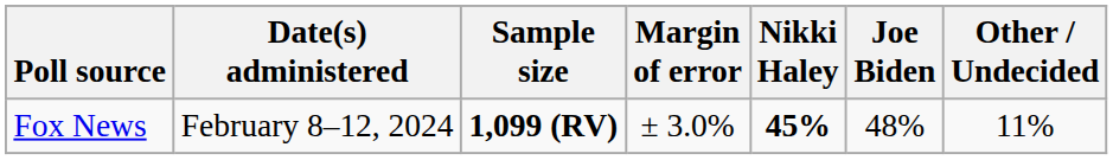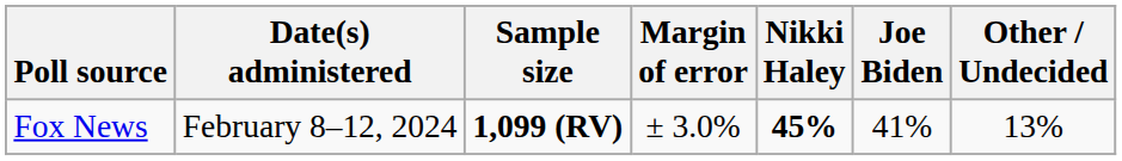 <table class="wikitable sortable mw-datatable" style="font-size:90%;text-align:center;line-height:17px">
 <tr valign=bottom>
 <th>Poll source</th>
 <th>Date(s)<br>administered</th>
 <th>Sample<br>size</th>
 <th>Margin<br>of error</th>
 <th class="unsortable">Nikki<br>Haley<br></th>
 <th class="unsortable">Joe<br>Biden<br></th>
 <th class="unsortable">Other /<br>Undecided</th>
 </tr>
 <tr>
 <td style="text-align:left;"><a href='#'>Fox News</a></td>
 <td data-sort-value="2024-02-14">February 8–12, 2024</td>
 <td><strong>1,099 (RV)</strong></td>
 <td>± 3.0%</td>
 <td style="background-color:"><strong>45%</strong></td>
-<td>48%</td>
-<td>11%</td>
+<td>41%</td>
+<td>13%</td>
 </tr>
 </table>
